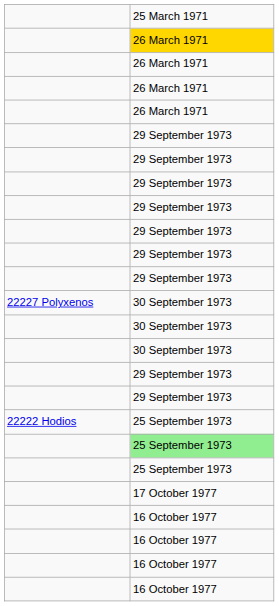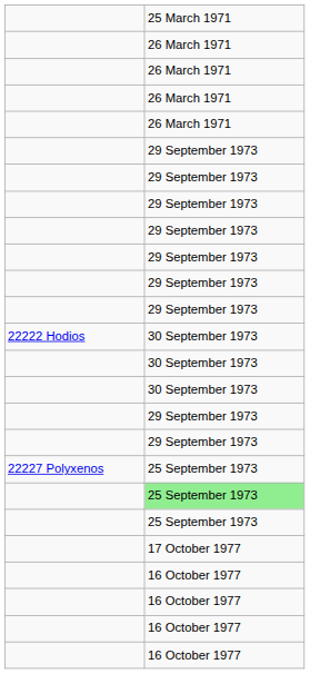 <table class="wikitable" style="font-size: 89%; float: left; width: 24em; margin-right: 1em; line-height: 1.65em">
 <tr>
 <td></td>
 <td>25 March 1971</td>
 </tr>
 <tr>
 <td></td>
-<td style="background: gold;">26 March 1971</td>
+<td>26 March 1971</td>
 </tr>
 <tr>
 <td></td>
 <td>26 March 1971</td>
 </tr>
 <tr>
 <td></td>
 <td>26 March 1971</td>
 </tr>
 <tr>
 <td></td>
 <td>26 March 1971</td>
 </tr>
 <tr>
 <td></td>
 <td>29 September 1973</td>
 </tr>
 <tr>
 <td></td>
 <td>29 September 1973</td>
 </tr>
 <tr>
 <td></td>
 <td>29 September 1973</td>
 </tr>
 <tr>
 <td></td>
 <td>29 September 1973</td>
 </tr>
 <tr>
 <td></td>
 <td>29 September 1973</td>
 </tr>
 <tr>
 <td></td>
 <td>29 September 1973</td>
 </tr>
 <tr>
 <td></td>
 <td>29 September 1973</td>
 </tr>
 <tr>
-<td><a href='#'>22227 Polyxenos</a></td>
+<td><a href='#'>22222 Hodios</a></td>
 <td>30 September 1973</td>
 </tr>
 <tr>
 <td></td>
 <td>30 September 1973</td>
 </tr>
 <tr>
 <td></td>
 <td>30 September 1973</td>
 </tr>
 <tr>
 <td></td>
 <td>29 September 1973</td>
 </tr>
 <tr>
 <td></td>
 <td>29 September 1973</td>
 </tr>
 <tr>
-<td><a href='#'>22222 Hodios</a></td>
+<td><a href='#'>22227 Polyxenos</a></td>
 <td>25 September 1973</td>
 </tr>
 <tr>
 <td></td>
 <td style="background: lightgreen;">25 September 1973</td>
 </tr>
 <tr>
 <td></td>
 <td>25 September 1973</td>
 </tr>
 <tr>
 <td></td>
 <td>17 October 1977</td>
 </tr>
 <tr>
 <td></td>
 <td>16 October 1977</td>
 </tr>
 <tr>
 <td></td>
 <td>16 October 1977</td>
 </tr>
 <tr>
 <td></td>
 <td>16 October 1977</td>
 </tr>
 <tr>
 <td></td>
 <td>16 October 1977</td>
 </tr>
 </table>
